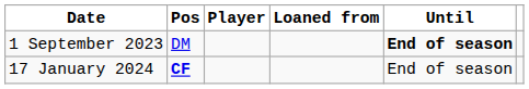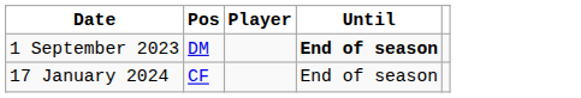 <table class="wikitable plainrowheaders sortable">
 <tr>
 <th style="background-color:white;">Date</th>
 <th style="background-color:white;">Pos</th>
 <th style="background-color:white;">Player</th>
-<th style="background-color:white;">Loaned from</th>
 <th style="background-color:white;">Until</th>
 <th style="background-color:white;"></th>
 </tr>
 <tr>
 <td>1 September 2023</td>
 <td><a href='#'>DM</a></td>
 <td></td>
-<td></td>
 <td><strong>End of season</strong></td>
 <td></td>
 </tr>
 <tr>
 <td>17 January 2024</td>
-<td><strong><a href='#'>CF</a></strong></td>
-<td></td>
+<td><a href='#'>CF</a></td>
 <td></td>
 <td>End of season</td>
 <td></td>
 </tr>
 </table>
